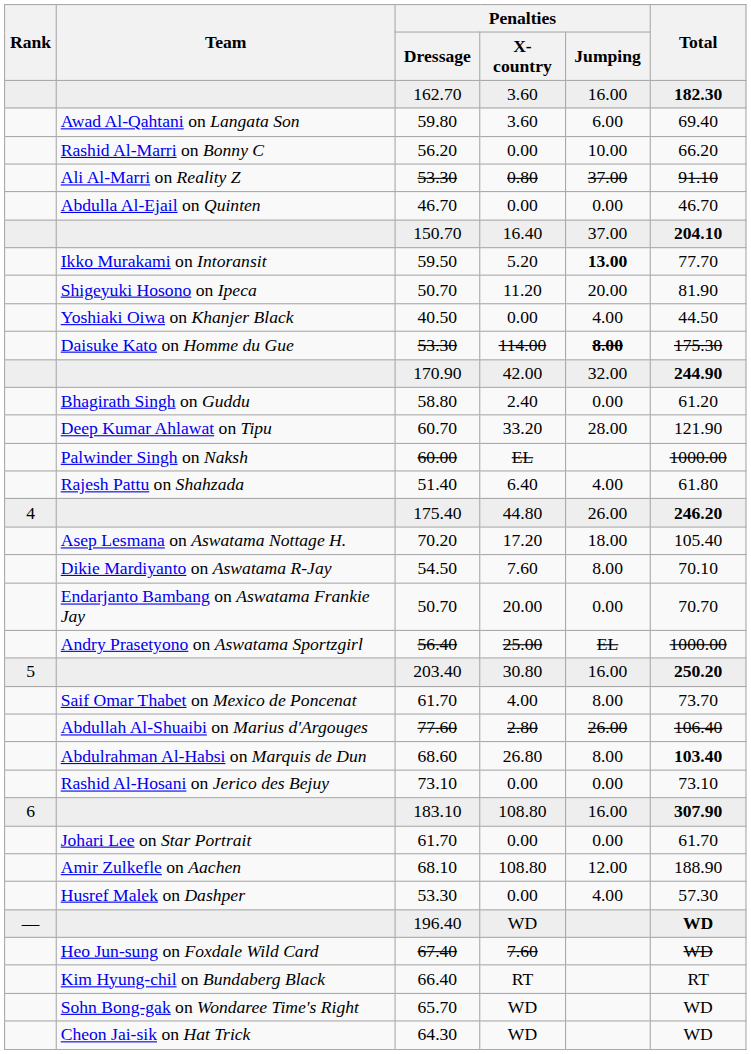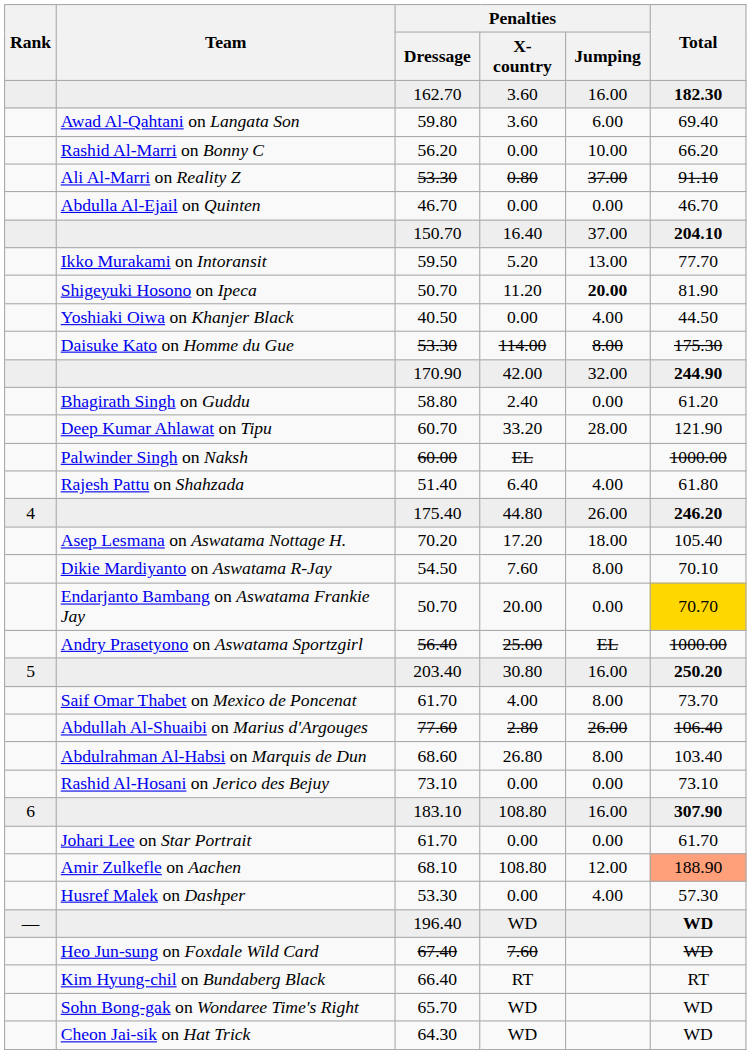 <table class=wikitable style="text-align:center">
 <tr>
 <th rowspan=2 width=40>Rank</th>
 <th rowspan=2 width=300>Team</th>
 <th colspan=3>Penalties</th>
 <th rowspan=2 width=80>Total</th>
 </tr>
 <tr>
 <th width=70>Dressage</th>
 <th width=70>X-country</th>
 <th width=70>Jumping</th>
 </tr>
 <tr bgcolor=eeeeee>
 <td></td>
 <td align=left></td>
 <td>162.70</td>
 <td>3.60</td>
 <td>16.00</td>
 <td><strong>182.30</strong></td>
 </tr>
 <tr>
 <td></td>
 <td align=left><a href='#'>Awad Al-Qahtani</a> on <em>Langata Son</em></td>
 <td>59.80</td>
 <td>3.60</td>
 <td>6.00</td>
 <td>69.40</td>
 </tr>
 <tr>
 <td></td>
 <td align=left><a href='#'>Rashid Al-Marri</a> on <em>Bonny C</em></td>
 <td>56.20</td>
 <td>0.00</td>
 <td>10.00</td>
 <td>66.20</td>
 </tr>
 <tr>
 <td></td>
 <td align=left><a href='#'>Ali Al-Marri</a> on <em>Reality Z</em></td>
 <td><s>53.30</s></td>
 <td><s>0.80</s></td>
 <td><s>37.00</s></td>
 <td><s>91.10</s></td>
 </tr>
 <tr>
 <td></td>
 <td align=left><a href='#'>Abdulla Al-Ejail</a> on <em>Quinten</em></td>
 <td>46.70</td>
 <td>0.00</td>
 <td>0.00</td>
 <td>46.70</td>
 </tr>
 <tr bgcolor=eeeeee>
 <td></td>
 <td align=left></td>
 <td>150.70</td>
 <td>16.40</td>
 <td>37.00</td>
 <td><strong>204.10</strong></td>
 </tr>
 <tr>
 <td></td>
 <td align=left><a href='#'>Ikko Murakami</a> on <em>Intoransit</em></td>
 <td>59.50</td>
 <td>5.20</td>
-<td><strong>13.00</strong></td>
+<td>13.00</td>
 <td>77.70</td>
 </tr>
 <tr>
 <td></td>
 <td align=left><a href='#'>Shigeyuki Hosono</a> on <em>Ipeca</em></td>
 <td>50.70</td>
 <td>11.20</td>
-<td>20.00</td>
+<td><strong>20.00</strong></td>
 <td>81.90</td>
 </tr>
 <tr>
 <td></td>
 <td align=left><a href='#'>Yoshiaki Oiwa</a> on <em>Khanjer Black</em></td>
 <td>40.50</td>
 <td>0.00</td>
 <td>4.00</td>
 <td>44.50</td>
 </tr>
 <tr>
 <td></td>
 <td align=left><a href='#'>Daisuke Kato</a> on <em>Homme du Gue</em></td>
 <td><s>53.30</s></td>
 <td><s>114.00</s></td>
-<td><strong><s>8.00</s></strong></td>
+<td><s>8.00</s></td>
 <td><s>175.30</s></td>
 </tr>
 <tr bgcolor=eeeeee>
 <td></td>
 <td align=left></td>
 <td>170.90</td>
 <td>42.00</td>
 <td>32.00</td>
 <td><strong>244.90</strong></td>
 </tr>
 <tr>
 <td></td>
 <td align=left><a href='#'>Bhagirath Singh</a> on <em>Guddu</em></td>
 <td>58.80</td>
 <td>2.40</td>
 <td>0.00</td>
 <td>61.20</td>
 </tr>
 <tr>
 <td></td>
 <td align=left><a href='#'>Deep Kumar Ahlawat</a> on <em>Tipu</em></td>
 <td>60.70</td>
 <td>33.20</td>
 <td>28.00</td>
 <td>121.90</td>
 </tr>
 <tr>
 <td></td>
 <td align=left><a href='#'>Palwinder Singh</a> on <em>Naksh</em></td>
 <td><s>60.00</s></td>
 <td><s>EL</s></td>
 <td></td>
 <td><s>1000.00</s></td>
 </tr>
 <tr>
 <td></td>
 <td align=left><a href='#'>Rajesh Pattu</a> on <em>Shahzada</em></td>
 <td>51.40</td>
 <td>6.40</td>
 <td>4.00</td>
 <td>61.80</td>
 </tr>
 <tr bgcolor=eeeeee>
 <td>4</td>
 <td align=left></td>
 <td>175.40</td>
 <td>44.80</td>
 <td>26.00</td>
 <td><strong>246.20</strong></td>
 </tr>
 <tr>
 <td></td>
 <td align=left><a href='#'>Asep Lesmana</a> on <em>Aswatama Nottage H.</em></td>
 <td>70.20</td>
 <td>17.20</td>
 <td>18.00</td>
 <td>105.40</td>
 </tr>
 <tr>
 <td></td>
 <td align=left><a href='#'>Dikie Mardiyanto</a> on <em>Aswatama R-Jay</em></td>
 <td>54.50</td>
 <td>7.60</td>
 <td>8.00</td>
 <td>70.10</td>
 </tr>
 <tr>
 <td></td>
 <td align=left><a href='#'>Endarjanto Bambang</a> on <em>Aswatama Frankie Jay</em></td>
 <td>50.70</td>
 <td>20.00</td>
 <td>0.00</td>
-<td>70.70</td>
+<td style="background: gold;">70.70</td>
 </tr>
 <tr>
 <td></td>
 <td align=left><a href='#'>Andry Prasetyono</a> on <em>Aswatama Sportzgirl</em></td>
 <td><s>56.40</s></td>
 <td><s>25.00</s></td>
 <td><s>EL</s></td>
 <td><s>1000.00</s></td>
 </tr>
 <tr bgcolor=eeeeee>
 <td>5</td>
 <td align=left></td>
 <td>203.40</td>
 <td>30.80</td>
 <td>16.00</td>
 <td><strong>250.20</strong></td>
 </tr>
 <tr>
 <td></td>
 <td align=left><a href='#'>Saif Omar Thabet</a> on <em>Mexico de Poncenat</em></td>
 <td>61.70</td>
 <td>4.00</td>
 <td>8.00</td>
 <td>73.70</td>
 </tr>
 <tr>
 <td></td>
 <td align=left><a href='#'>Abdullah Al-Shuaibi</a> on <em>Marius d'Argouges</em></td>
 <td><s>77.60</s></td>
 <td><s>2.80</s></td>
 <td><s>26.00</s></td>
 <td><s>106.40</s></td>
 </tr>
 <tr>
 <td></td>
 <td align=left><a href='#'>Abdulrahman Al-Habsi</a> on <em>Marquis de Dun</em></td>
 <td>68.60</td>
 <td>26.80</td>
 <td>8.00</td>
-<td><strong>103.40</strong></td>
+<td>103.40</td>
 </tr>
 <tr>
 <td></td>
 <td align=left><a href='#'>Rashid Al-Hosani</a> on <em>Jerico des Bejuy</em></td>
 <td>73.10</td>
 <td>0.00</td>
 <td>0.00</td>
 <td>73.10</td>
 </tr>
 <tr bgcolor=eeeeee>
 <td>6</td>
 <td align=left></td>
 <td>183.10</td>
 <td>108.80</td>
 <td>16.00</td>
 <td><strong>307.90</strong></td>
 </tr>
 <tr>
 <td></td>
 <td align=left><a href='#'>Johari Lee</a> on <em>Star Portrait</em></td>
 <td>61.70</td>
 <td>0.00</td>
 <td>0.00</td>
 <td>61.70</td>
 </tr>
 <tr>
 <td></td>
 <td align=left><a href='#'>Amir Zulkefle</a> on <em>Aachen</em></td>
 <td>68.10</td>
 <td>108.80</td>
 <td>12.00</td>
-<td>188.90</td>
+<td style="background: lightsalmon;">188.90</td>
 </tr>
 <tr>
 <td></td>
 <td align=left><a href='#'>Husref Malek</a> on <em>Dashper</em></td>
 <td>53.30</td>
 <td>0.00</td>
 <td>4.00</td>
 <td>57.30</td>
 </tr>
 <tr bgcolor=eeeeee>
 <td>—</td>
 <td align=left></td>
 <td>196.40</td>
 <td>WD</td>
 <td></td>
 <td><strong>WD</strong></td>
 </tr>
 <tr>
 <td></td>
 <td align=left><a href='#'>Heo Jun-sung</a> on <em>Foxdale Wild Card</em></td>
 <td><s>67.40</s></td>
 <td><s>7.60</s></td>
 <td></td>
 <td><s>WD</s></td>
 </tr>
 <tr>
 <td></td>
 <td align=left><a href='#'>Kim Hyung-chil</a> on <em>Bundaberg Black</em></td>
 <td>66.40</td>
 <td>RT</td>
 <td></td>
 <td>RT</td>
 </tr>
 <tr>
 <td></td>
 <td align=left><a href='#'>Sohn Bong-gak</a> on <em>Wondaree Time's Right</em></td>
 <td>65.70</td>
 <td>WD</td>
 <td></td>
 <td>WD</td>
 </tr>
 <tr>
 <td></td>
 <td align=left><a href='#'>Cheon Jai-sik</a> on <em>Hat Trick</em></td>
 <td>64.30</td>
 <td>WD</td>
 <td></td>
 <td>WD</td>
 </tr>
 </table>
